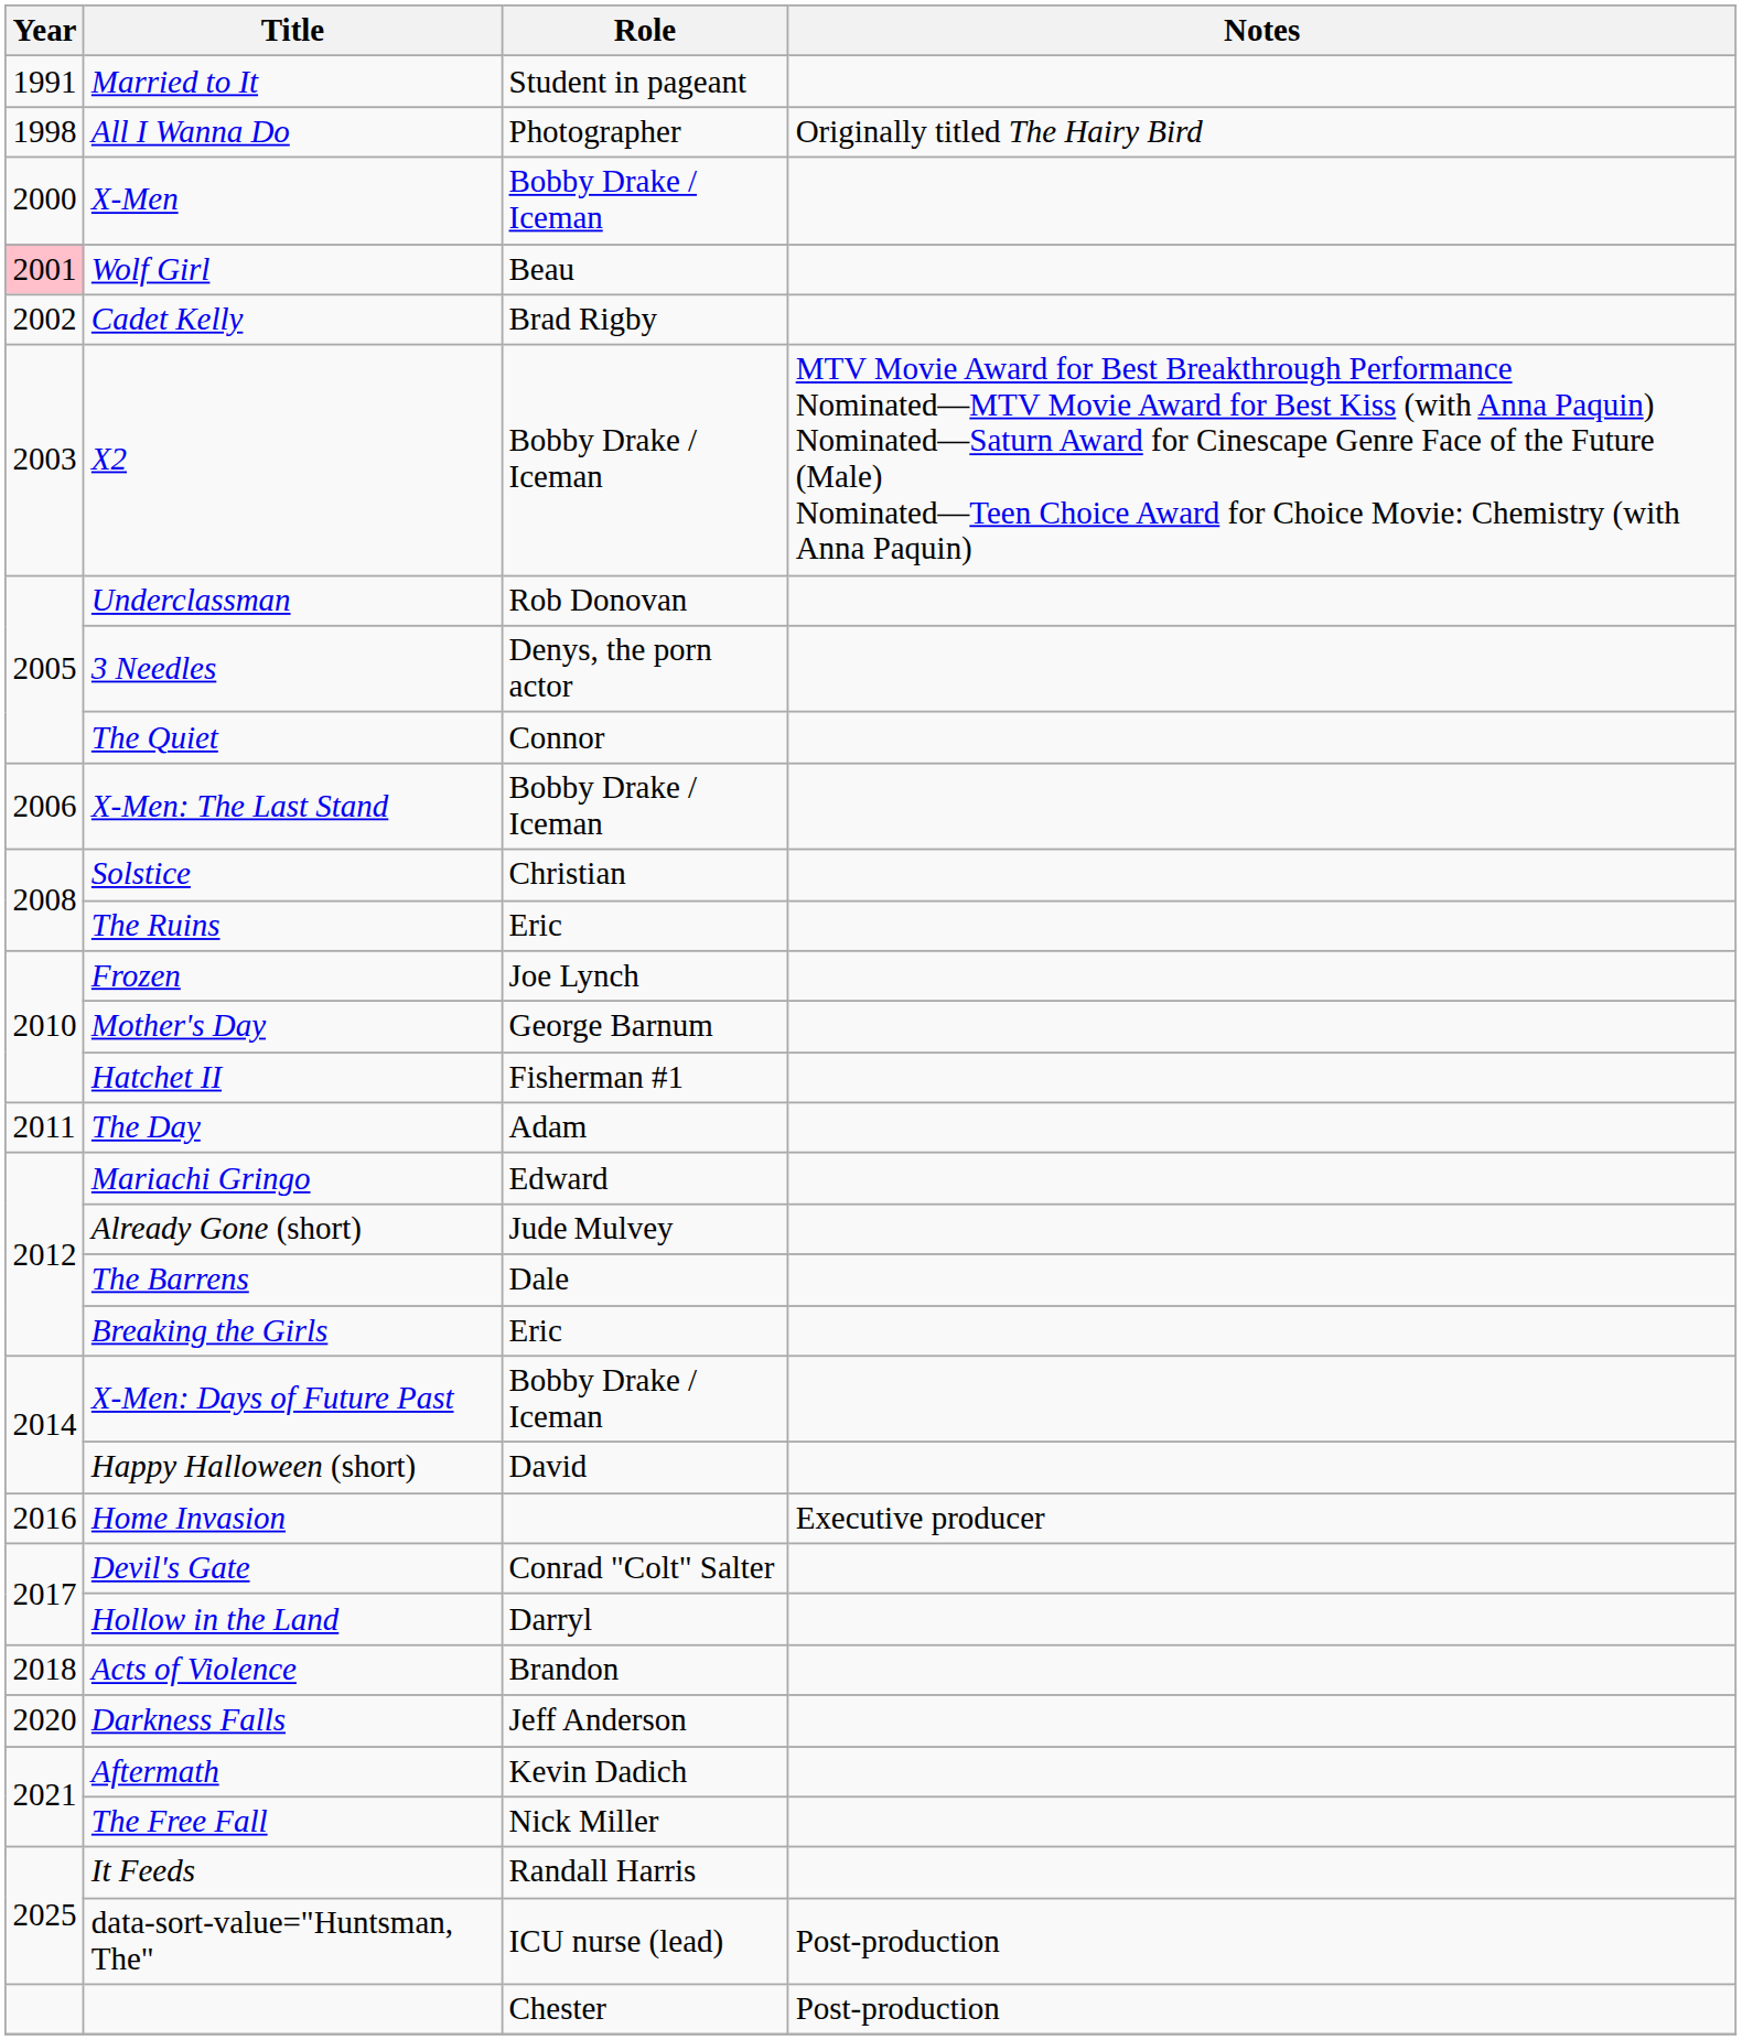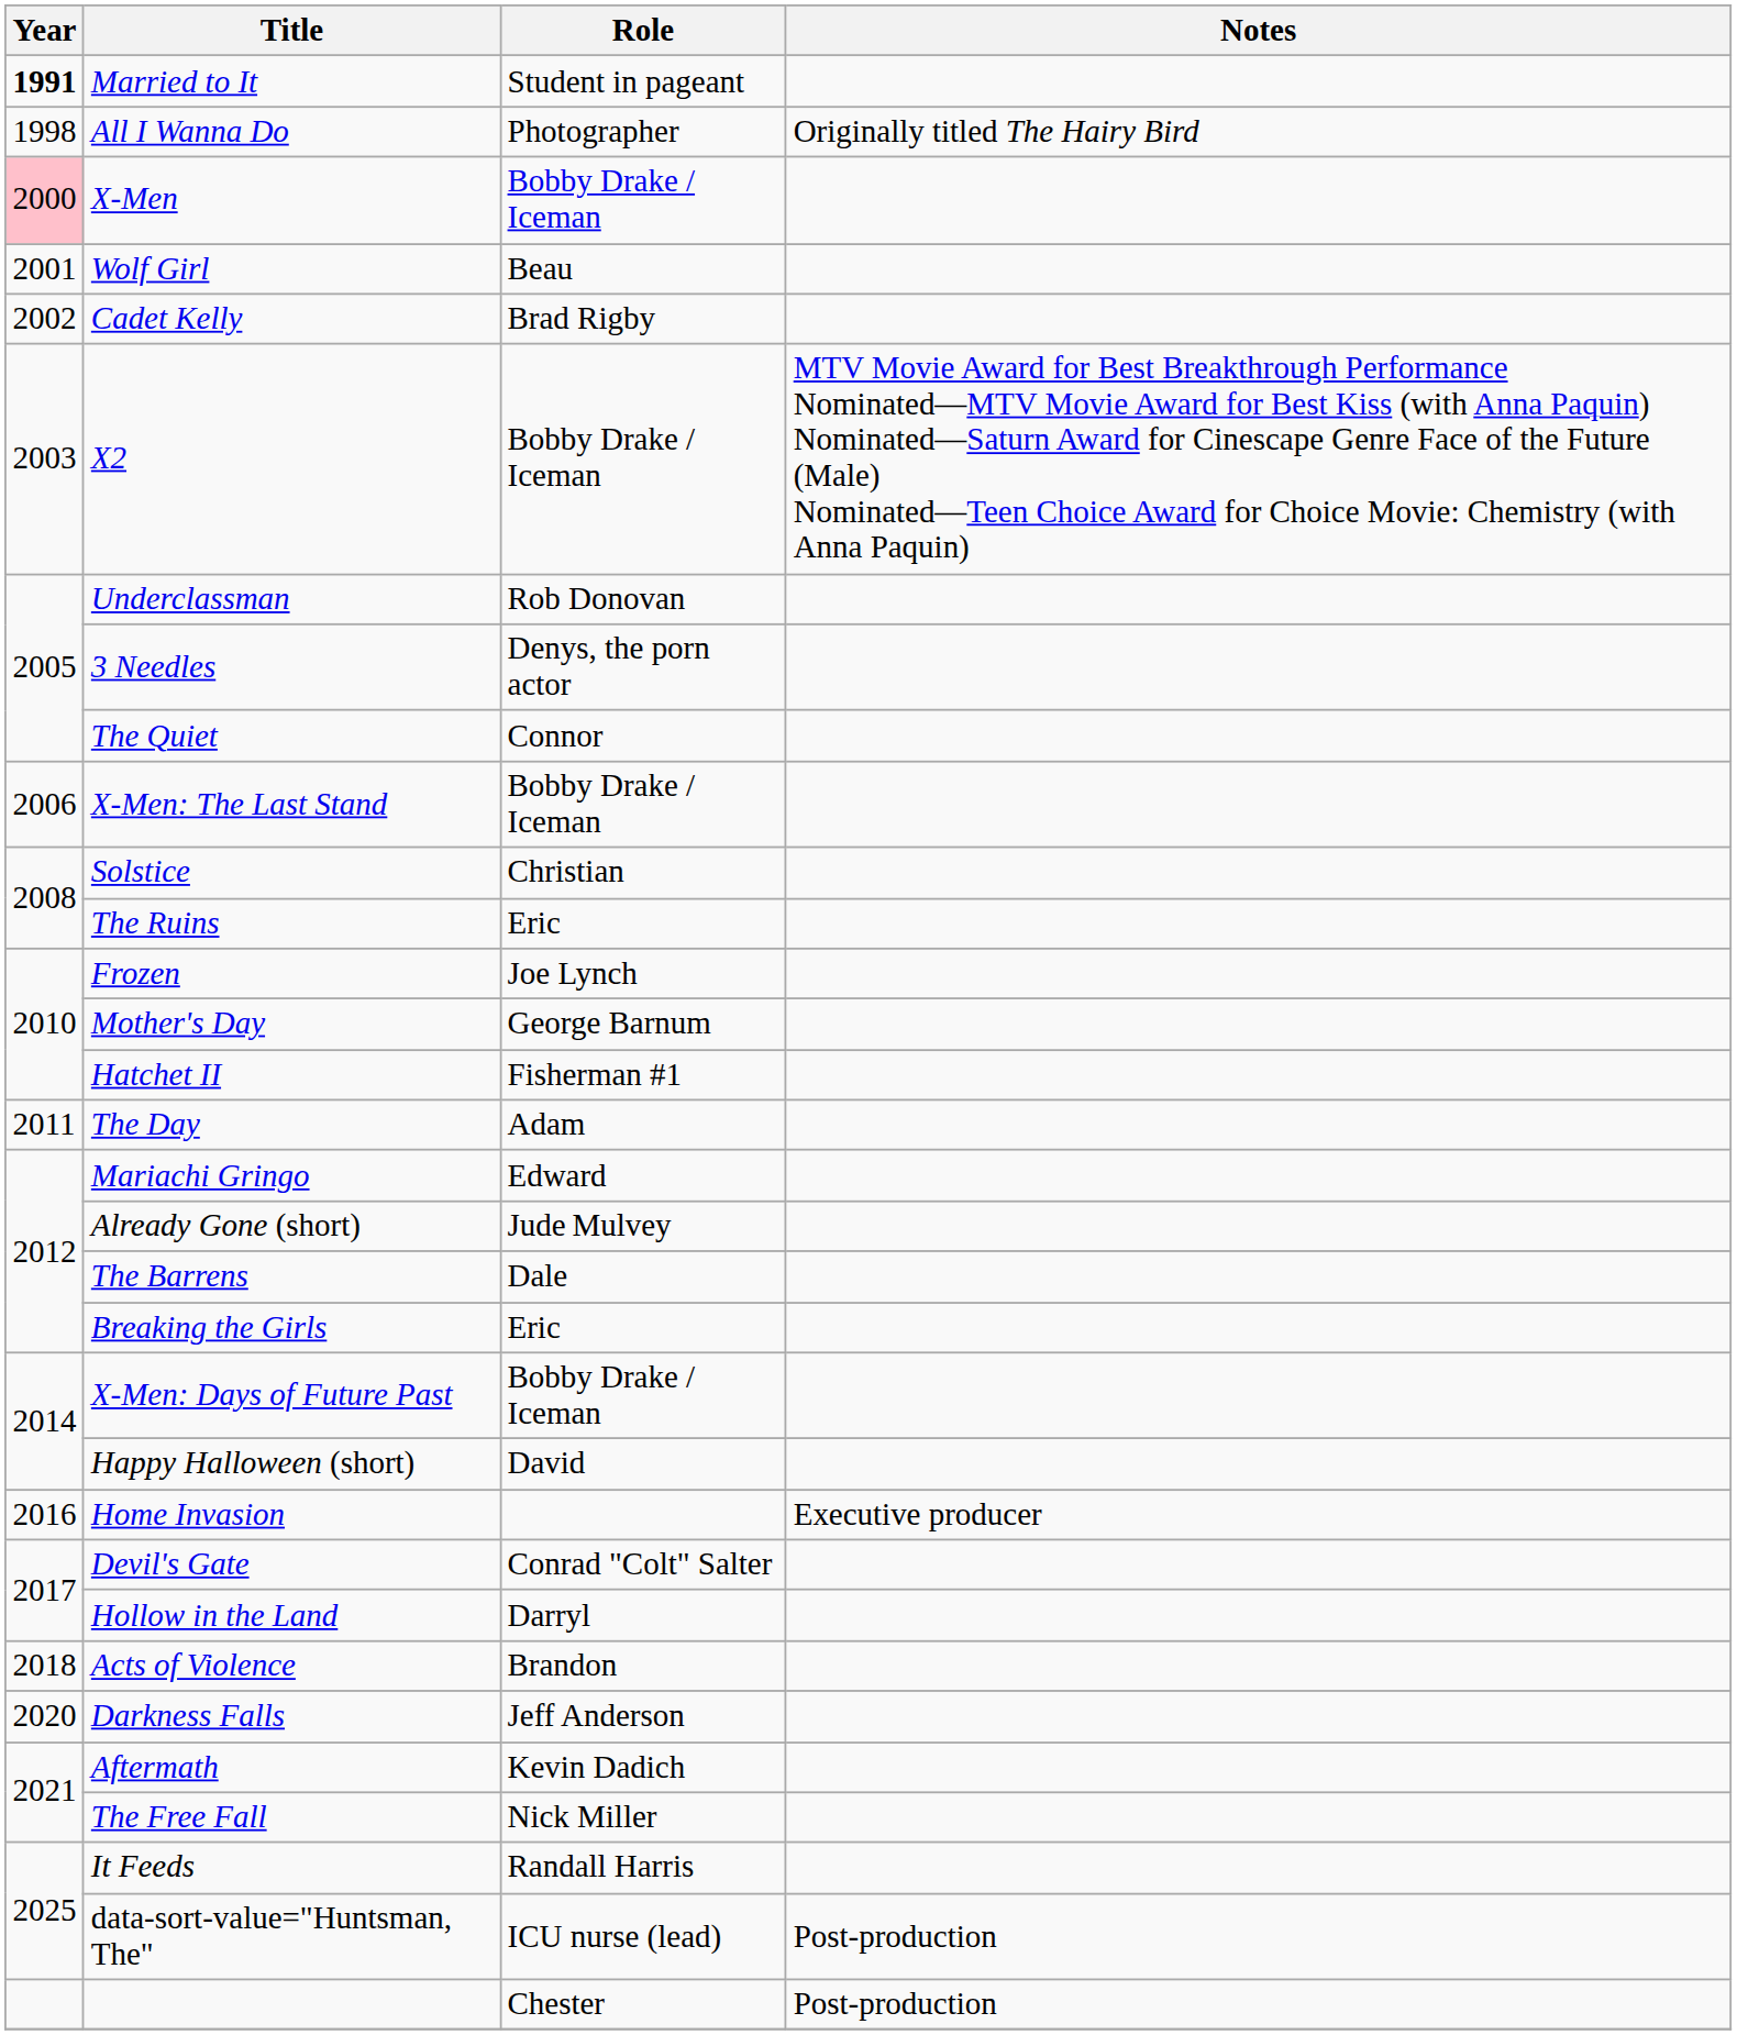 <table class="wikitable sortable">
 <tr>
 <th>Year</th>
 <th>Title</th>
 <th>Role</th>
 <th class="unsortable">Notes</th>
 </tr>
 <tr>
-<td>1991</td>
+<td><strong>1991</strong></td>
 <td><em><a href='#'>Married to It</a></em></td>
 <td>Student in pageant</td>
 <td></td>
 </tr>
 <tr>
 <td>1998</td>
 <td><em><a href='#'>All I Wanna Do</a></em></td>
 <td>Photographer</td>
 <td>Originally titled <em>The Hairy Bird</em></td>
 </tr>
 <tr>
-<td>2000</td>
+<td style="background: pink;">2000</td>
 <td><em><a href='#'>X-Men</a></em></td>
 <td><a href='#'>Bobby Drake / Iceman</a></td>
 <td></td>
 </tr>
 <tr>
-<td style="background: pink;">2001</td>
+<td>2001</td>
 <td><em><a href='#'>Wolf Girl</a></em></td>
 <td>Beau</td>
 <td></td>
 </tr>
 <tr>
 <td>2002</td>
 <td><em><a href='#'>Cadet Kelly</a></em></td>
 <td>Brad Rigby</td>
 <td></td>
 </tr>
 <tr>
 <td>2003</td>
 <td><em><a href='#'>X2</a></em></td>
 <td>Bobby Drake / Iceman</td>
 <td><a href='#'>MTV Movie Award for Best Breakthrough Performance</a><br>Nominated—<a href='#'>MTV Movie Award for Best Kiss</a> (with <a href='#'>Anna Paquin</a>)<br>Nominated—<a href='#'>Saturn Award</a> for Cinescape Genre Face of the Future (Male)<br>Nominated—<a href='#'>Teen Choice Award</a> for Choice Movie: Chemistry (with Anna Paquin)</td>
 </tr>
 <tr>
 <td rowspan="3">2005</td>
 <td><em><a href='#'>Underclassman</a></em></td>
 <td>Rob Donovan</td>
 <td></td>
 </tr>
 <tr>
 <td data-sort-value="Three Needles"><em><a href='#'>3 Needles</a></em></td>
 <td>Denys, the porn actor</td>
 <td></td>
 </tr>
 <tr>
 <td data-sort-value="Quiet, The"><em><a href='#'>The Quiet</a></em></td>
 <td>Connor</td>
 <td></td>
 </tr>
 <tr>
 <td>2006</td>
 <td><em><a href='#'>X-Men: The Last Stand</a></em></td>
 <td>Bobby Drake / Iceman</td>
 <td></td>
 </tr>
 <tr>
 <td rowspan="2">2008</td>
 <td><em><a href='#'>Solstice</a></em></td>
 <td>Christian</td>
 <td></td>
 </tr>
 <tr>
 <td data-sort-value="Ruins, The"><em><a href='#'>The Ruins</a></em></td>
 <td>Eric</td>
 <td></td>
 </tr>
 <tr>
 <td rowspan="3">2010</td>
 <td><em><a href='#'>Frozen</a></em></td>
 <td>Joe Lynch</td>
 <td></td>
 </tr>
 <tr>
 <td><em><a href='#'>Mother's Day</a></em></td>
 <td>George Barnum</td>
 <td></td>
 </tr>
 <tr>
 <td><em><a href='#'>Hatchet II</a></em></td>
 <td>Fisherman #1</td>
 <td></td>
 </tr>
 <tr>
 <td>2011</td>
 <td data-sort-value="Day, The"><em><a href='#'>The Day</a></em></td>
 <td>Adam</td>
 <td></td>
 </tr>
 <tr>
 <td rowspan="4">2012</td>
 <td><em><a href='#'>Mariachi Gringo</a></em></td>
 <td>Edward</td>
 <td></td>
 </tr>
 <tr>
 <td><em>Already Gone</em> (short)</td>
 <td>Jude Mulvey</td>
 <td></td>
 </tr>
 <tr>
 <td><em><a href='#'>The Barrens</a></em></td>
 <td>Dale</td>
 <td></td>
 </tr>
 <tr>
 <td><em><a href='#'>Breaking the Girls</a></em></td>
 <td>Eric</td>
 <td></td>
 </tr>
 <tr>
 <td rowspan="2">2014</td>
 <td><em><a href='#'>X-Men: Days of Future Past</a></em></td>
 <td>Bobby Drake / Iceman</td>
 <td></td>
 </tr>
 <tr>
 <td><em>Happy Halloween</em> (short)</td>
 <td>David</td>
 <td></td>
 </tr>
 <tr>
 <td>2016</td>
 <td><em><a href='#'>Home Invasion</a></em></td>
 <td></td>
 <td>Executive producer</td>
 </tr>
 <tr>
 <td rowspan="2">2017</td>
 <td><em><a href='#'>Devil's Gate</a></em></td>
 <td>Conrad "Colt" Salter</td>
 <td></td>
 </tr>
 <tr>
 <td><em><a href='#'>Hollow in the Land</a></em></td>
 <td>Darryl</td>
 <td></td>
 </tr>
 <tr>
 <td>2018</td>
 <td><em><a href='#'>Acts of Violence</a></em></td>
 <td>Brandon</td>
 <td></td>
 </tr>
 <tr>
 <td>2020</td>
 <td><em><a href='#'>Darkness Falls</a></em></td>
 <td>Jeff Anderson</td>
 <td></td>
 </tr>
 <tr>
 <td rowspan="2">2021</td>
 <td><em><a href='#'>Aftermath</a></em></td>
 <td>Kevin Dadich</td>
 <td></td>
 </tr>
 <tr>
 <td><em><a href='#'>The Free Fall</a></em></td>
 <td>Nick Miller</td>
 <td></td>
 </tr>
 <tr>
 <td rowspan="2">2025</td>
 <td><em>It Feeds</em></td>
 <td>Randall Harris</td>
 <td></td>
 </tr>
 <tr>
 <td>data-sort-value="Huntsman, The"  </td>
 <td>ICU nurse (lead)</td>
 <td>Post-production</td>
 </tr>
 <tr>
 <td></td>
 <td></td>
 <td>Chester</td>
 <td>Post-production</td>
 </tr>
 <tr>
 </tr>
 </table>
